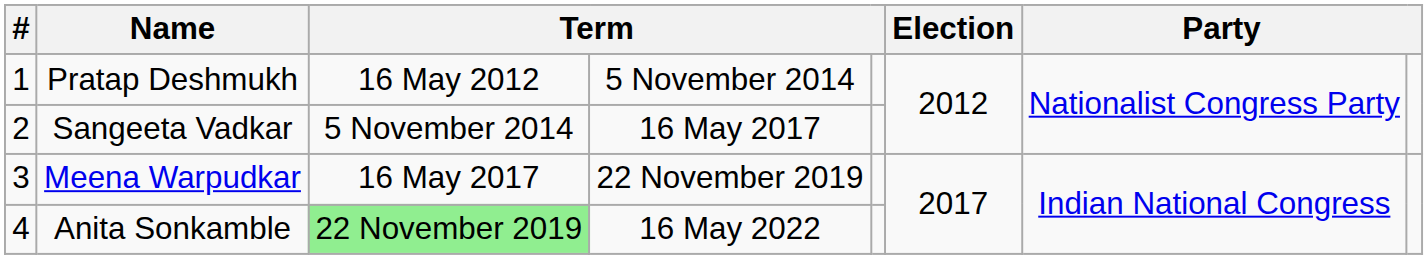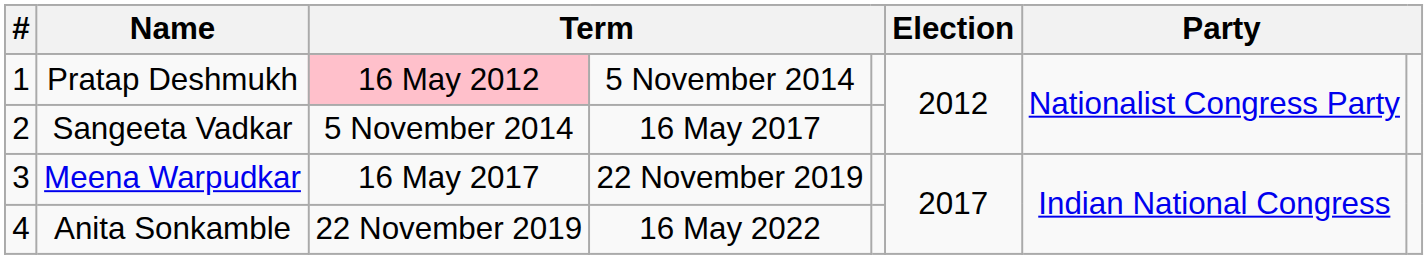 <table class="wikitable">
 <tr style="text-align:center">
 <th>#</th>
 <th>Name</th>
 <th colspan="3">Term</th>
 <th>Election</th>
 <th colspan="2">Party</th>
 </tr>
 <tr style="text-align:center">
 <td>1</td>
 <td>Pratap Deshmukh</td>
-<td>16 May 2012</td>
+<td style="background: pink;">16 May 2012</td>
 <td>5 November 2014</td>
 <td></td>
 <td rowspan=2>2012</td>
 <td rowspan=2><a href='#'>Nationalist Congress Party</a></td>
 <td rowspan=2></td>
 </tr>
 <tr style="text-align:center">
 <td>2</td>
 <td>Sangeeta Vadkar</td>
 <td>5 November 2014</td>
 <td>16 May 2017</td>
 <td></td>
 </tr>
 <tr style="text-align:center">
 <td>3</td>
 <td><a href='#'>Meena Warpudkar</a></td>
 <td>16 May 2017</td>
 <td>22 November 2019</td>
 <td></td>
 <td rowspan=2>2017</td>
 <td rowspan=2><a href='#'>Indian National Congress</a></td>
 <td rowspan=2></td>
 </tr>
 <tr style="text-align:center">
 <td>4</td>
 <td>Anita Sonkamble</td>
-<td style="background: lightgreen;">22 November 2019</td>
+<td>22 November 2019</td>
 <td>16 May 2022</td>
 <td></td>
 </tr>
 </table>
